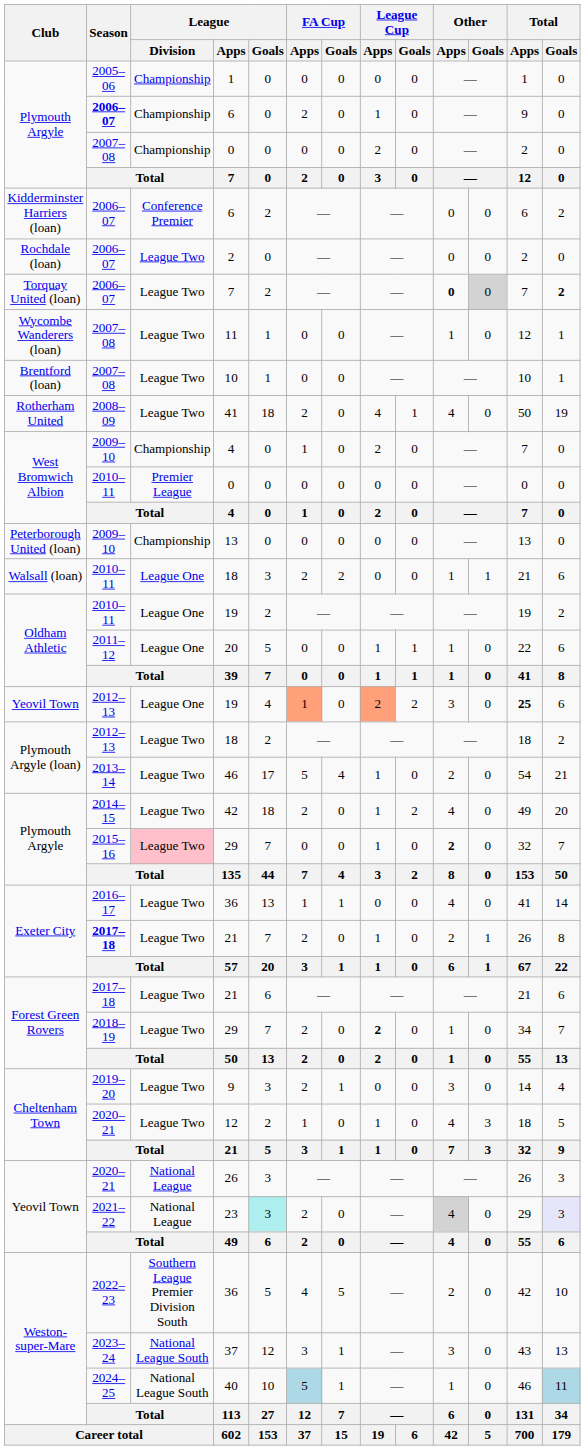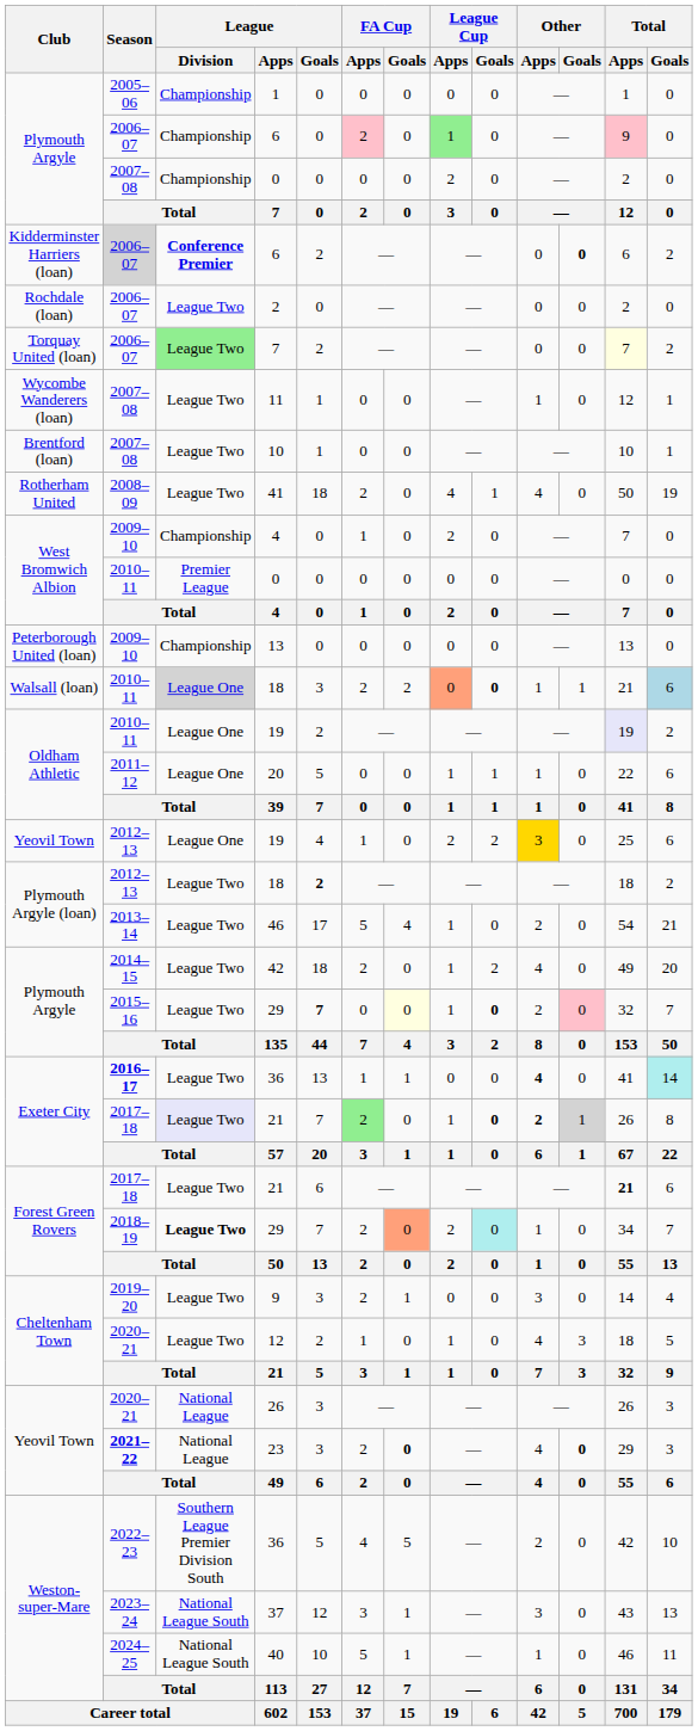 <table class="wikitable" style="text-align: center;">
 <tr>
 <th rowspan="2">Club</th>
 <th rowspan="2">Season</th>
 <th colspan="3">League</th>
 <th colspan="2"><a href='#'>FA Cup</a></th>
 <th colspan="2"><a href='#'>League Cup</a></th>
 <th colspan="2">Other</th>
 <th colspan="2">Total</th>
 </tr>
 <tr>
 <th>Division</th>
 <th>Apps</th>
 <th>Goals</th>
 <th>Apps</th>
 <th>Goals</th>
 <th>Apps</th>
 <th>Goals</th>
 <th>Apps</th>
 <th>Goals</th>
 <th>Apps</th>
 <th>Goals</th>
 </tr>
 <tr>
 <td rowspan="4"><a href='#'>Plymouth Argyle</a></td>
 <td><a href='#'>2005–06</a></td>
 <td><a href='#'>Championship</a></td>
 <td>1</td>
 <td>0</td>
 <td>0</td>
 <td>0</td>
 <td>0</td>
 <td>0</td>
 <td colspan="2">—</td>
 <td>1</td>
 <td>0</td>
 </tr>
 <tr>
-<td><strong><a href='#'>2006–07</a></strong></td>
+<td><a href='#'>2006–07</a></td>
 <td>Championship</td>
 <td>6</td>
 <td>0</td>
-<td>2</td>
+<td style="background: pink;">2</td>
 <td>0</td>
-<td>1</td>
+<td style="background: lightgreen;">1</td>
 <td>0</td>
 <td colspan="2">—</td>
-<td>9</td>
+<td style="background: pink;">9</td>
 <td>0</td>
 </tr>
 <tr>
 <td><a href='#'>2007–08</a></td>
 <td>Championship</td>
 <td>0</td>
 <td>0</td>
 <td>0</td>
 <td>0</td>
 <td>2</td>
 <td>0</td>
 <td colspan="2">—</td>
 <td>2</td>
 <td>0</td>
 </tr>
 <tr>
 <th colspan="2">Total</th>
 <th>7</th>
 <th>0</th>
 <th>2</th>
 <th>0</th>
 <th>3</th>
 <th>0</th>
 <th colspan="2">—</th>
 <th>12</th>
 <th>0</th>
 </tr>
 <tr>
 <td><a href='#'>Kidderminster Harriers</a> (loan)</td>
-<td><a href='#'>2006–07</a></td>
-<td><a href='#'>Conference Premier</a></td>
+<td style="background: lightgrey;"><a href='#'>2006–07</a></td>
+<td><strong><a href='#'>Conference Premier</a></strong></td>
 <td>6</td>
 <td>2</td>
 <td colspan="2">—</td>
 <td colspan="2">—</td>
 <td>0</td>
-<td>0</td>
+<td><strong>0</strong></td>
 <td>6</td>
 <td>2</td>
 </tr>
 <tr>
 <td><a href='#'>Rochdale</a> (loan)</td>
 <td><a href='#'>2006–07</a></td>
 <td><a href='#'>League Two</a></td>
 <td>2</td>
 <td>0</td>
 <td colspan="2">—</td>
 <td colspan="2">—</td>
 <td>0</td>
 <td>0</td>
 <td>2</td>
 <td>0</td>
 </tr>
 <tr>
 <td><a href='#'>Torquay United</a> (loan)</td>
 <td><a href='#'>2006–07</a></td>
-<td>League Two</td>
+<td style="background: lightgreen;">League Two</td>
 <td>7</td>
 <td>2</td>
 <td colspan="2">—</td>
 <td colspan="2">—</td>
-<td><strong>0</strong></td>
-<td style="background: lightgrey;">0</td>
-<td>7</td>
-<td><strong>2</strong></td>
+<td>0</td>
+<td>0</td>
+<td style="background: lightyellow;">7</td>
+<td>2</td>
 </tr>
 <tr>
 <td><a href='#'>Wycombe Wanderers</a> (loan)</td>
 <td><a href='#'>2007–08</a></td>
 <td>League Two</td>
 <td>11</td>
 <td>1</td>
 <td>0</td>
 <td>0</td>
 <td colspan="2">—</td>
 <td>1</td>
 <td>0</td>
 <td>12</td>
 <td>1</td>
 </tr>
 <tr>
 <td><a href='#'>Brentford</a> (loan)</td>
 <td><a href='#'>2007–08</a></td>
 <td>League Two</td>
 <td>10</td>
 <td>1</td>
 <td>0</td>
 <td>0</td>
 <td colspan="2">—</td>
 <td colspan="2">—</td>
 <td>10</td>
 <td>1</td>
 </tr>
 <tr>
 <td><a href='#'>Rotherham United</a></td>
 <td><a href='#'>2008–09</a></td>
 <td>League Two</td>
 <td>41</td>
 <td>18</td>
 <td>2</td>
 <td>0</td>
 <td>4</td>
 <td>1</td>
 <td>4</td>
 <td>0</td>
 <td>50</td>
 <td>19</td>
 </tr>
 <tr>
 <td rowspan="3"><a href='#'>West Bromwich Albion</a></td>
 <td><a href='#'>2009–10</a></td>
 <td>Championship</td>
 <td>4</td>
 <td>0</td>
 <td>1</td>
 <td>0</td>
 <td>2</td>
 <td>0</td>
 <td colspan="2">—</td>
 <td>7</td>
 <td>0</td>
 </tr>
 <tr>
 <td><a href='#'>2010–11</a></td>
 <td><a href='#'>Premier League</a></td>
 <td>0</td>
 <td>0</td>
 <td>0</td>
 <td>0</td>
 <td>0</td>
 <td>0</td>
 <td colspan="2">—</td>
 <td>0</td>
 <td>0</td>
 </tr>
 <tr>
 <th colspan="2">Total</th>
 <th>4</th>
 <th>0</th>
 <th>1</th>
 <th>0</th>
 <th>2</th>
 <th>0</th>
 <th colspan="2">—</th>
 <th>7</th>
 <th>0</th>
 </tr>
 <tr>
 <td><a href='#'>Peterborough United</a> (loan)</td>
 <td><a href='#'>2009–10</a></td>
 <td>Championship</td>
 <td>13</td>
 <td>0</td>
 <td>0</td>
 <td>0</td>
 <td>0</td>
 <td>0</td>
 <td colspan="2">—</td>
 <td>13</td>
 <td>0</td>
 </tr>
 <tr>
 <td><a href='#'>Walsall</a> (loan)</td>
 <td><a href='#'>2010–11</a></td>
-<td><a href='#'>League One</a></td>
+<td style="background: lightgrey;"><a href='#'>League One</a></td>
 <td>18</td>
 <td>3</td>
 <td>2</td>
 <td>2</td>
-<td>0</td>
-<td>0</td>
+<td style="background: lightsalmon;">0</td>
+<td><strong>0</strong></td>
 <td>1</td>
 <td>1</td>
 <td>21</td>
-<td>6</td>
+<td style="background: lightblue;">6</td>
 </tr>
 <tr>
 <td rowspan="3"><a href='#'>Oldham Athletic</a></td>
 <td><a href='#'>2010–11</a></td>
 <td>League One</td>
 <td>19</td>
 <td>2</td>
 <td colspan="2">—</td>
 <td colspan="2">—</td>
 <td colspan="2">—</td>
-<td>19</td>
+<td style="background: lavender;">19</td>
 <td>2</td>
 </tr>
 <tr>
 <td><a href='#'>2011–12</a></td>
 <td>League One</td>
 <td>20</td>
 <td>5</td>
 <td>0</td>
 <td>0</td>
 <td>1</td>
 <td>1</td>
 <td>1</td>
 <td>0</td>
 <td>22</td>
 <td>6</td>
 </tr>
 <tr>
 <th colspan="2">Total</th>
 <th>39</th>
 <th>7</th>
 <th>0</th>
 <th>0</th>
 <th>1</th>
 <th>1</th>
 <th>1</th>
 <th>0</th>
 <th>41</th>
 <th>8</th>
 </tr>
 <tr>
 <td><a href='#'>Yeovil Town</a></td>
 <td><a href='#'>2012–13</a></td>
 <td>League One</td>
 <td>19</td>
 <td>4</td>
-<td style="background: lightsalmon;">1</td>
+<td>1</td>
 <td>0</td>
-<td style="background: lightsalmon;">2</td>
 <td>2</td>
-<td>3</td>
+<td>2</td>
+<td style="background: gold;">3</td>
 <td>0</td>
-<td><strong>25</strong></td>
+<td>25</td>
 <td>6</td>
 </tr>
 <tr>
 <td rowspan="2">Plymouth Argyle (loan)</td>
 <td><a href='#'>2012–13</a></td>
 <td>League Two</td>
 <td>18</td>
-<td>2</td>
+<td><strong>2</strong></td>
 <td colspan="2">—</td>
 <td colspan="2">—</td>
 <td colspan="2">—</td>
 <td>18</td>
 <td>2</td>
 </tr>
 <tr>
 <td><a href='#'>2013–14</a></td>
 <td>League Two</td>
 <td>46</td>
 <td>17</td>
 <td>5</td>
 <td>4</td>
 <td>1</td>
 <td>0</td>
 <td>2</td>
 <td>0</td>
 <td>54</td>
 <td>21</td>
 </tr>
 <tr>
 <td rowspan="3">Plymouth Argyle</td>
 <td><a href='#'>2014–15</a></td>
 <td>League Two</td>
 <td>42</td>
 <td>18</td>
 <td>2</td>
 <td>0</td>
 <td>1</td>
 <td>2</td>
 <td>4</td>
 <td>0</td>
 <td>49</td>
 <td>20</td>
 </tr>
 <tr>
 <td><a href='#'>2015–16</a></td>
-<td style="background: pink;">League Two</td>
+<td>League Two</td>
 <td>29</td>
-<td>7</td>
+<td><strong>7</strong></td>
 <td>0</td>
-<td>0</td>
+<td style="background: lightyellow;">0</td>
 <td>1</td>
-<td>0</td>
-<td><strong>2</strong></td>
-<td>0</td>
+<td><strong>0</strong></td>
+<td>2</td>
+<td style="background: pink;">0</td>
 <td>32</td>
 <td>7</td>
 </tr>
 <tr>
 <th colspan="2">Total</th>
 <th>135</th>
 <th>44</th>
 <th>7</th>
 <th>4</th>
 <th>3</th>
 <th>2</th>
 <th>8</th>
 <th>0</th>
 <th>153</th>
 <th>50</th>
 </tr>
 <tr>
 <td rowspan="3"><a href='#'>Exeter City</a></td>
-<td><a href='#'>2016–17</a></td>
+<td><strong><a href='#'>2016–17</a></strong></td>
 <td>League Two</td>
 <td>36</td>
 <td>13</td>
 <td>1</td>
 <td>1</td>
 <td>0</td>
 <td>0</td>
-<td>4</td>
+<td><strong>4</strong></td>
 <td>0</td>
 <td>41</td>
-<td>14</td>
+<td style="background: paleturquoise;">14</td>
 </tr>
 <tr>
-<td><strong><a href='#'>2017–18</a></strong></td>
-<td>League Two</td>
+<td><a href='#'>2017–18</a></td>
+<td style="background: lavender;">League Two</td>
 <td>21</td>
 <td>7</td>
-<td>2</td>
+<td style="background: lightgreen;">2</td>
 <td>0</td>
 <td>1</td>
-<td>0</td>
-<td>2</td>
-<td>1</td>
+<td><strong>0</strong></td>
+<td><strong>2</strong></td>
+<td style="background: lightgrey;">1</td>
 <td>26</td>
 <td>8</td>
 </tr>
 <tr>
 <th colspan="2">Total</th>
 <th>57</th>
 <th>20</th>
 <th>3</th>
 <th>1</th>
 <th>1</th>
 <th>0</th>
 <th>6</th>
 <th>1</th>
 <th>67</th>
 <th>22</th>
 </tr>
 <tr>
 <td rowspan=3><a href='#'>Forest Green Rovers</a></td>
 <td><a href='#'>2017–18</a></td>
 <td>League Two</td>
 <td>21</td>
 <td>6</td>
 <td colspan="2">—</td>
 <td colspan="2">—</td>
 <td colspan="2">—</td>
-<td>21</td>
+<td><strong>21</strong></td>
 <td>6</td>
 </tr>
 <tr>
 <td><a href='#'>2018–19</a></td>
-<td>League Two</td>
+<td><strong>League Two</strong></td>
 <td>29</td>
 <td>7</td>
 <td>2</td>
-<td>0</td>
-<td><strong>2</strong></td>
-<td>0</td>
+<td style="background: lightsalmon;">0</td>
+<td>2</td>
+<td style="background: paleturquoise;">0</td>
 <td>1</td>
 <td>0</td>
 <td>34</td>
 <td>7</td>
 </tr>
 <tr>
 <th colspan="2">Total</th>
 <th>50</th>
 <th>13</th>
 <th>2</th>
 <th>0</th>
 <th>2</th>
 <th>0</th>
 <th>1</th>
 <th>0</th>
 <th>55</th>
 <th>13</th>
 </tr>
 <tr>
 <td rowspan="3"><a href='#'>Cheltenham Town</a></td>
 <td><a href='#'>2019–20</a></td>
 <td>League Two</td>
 <td>9</td>
 <td>3</td>
 <td>2</td>
 <td>1</td>
 <td>0</td>
 <td>0</td>
 <td>3</td>
 <td>0</td>
 <td>14</td>
 <td>4</td>
 </tr>
 <tr>
 <td><a href='#'>2020–21</a></td>
 <td>League Two</td>
 <td>12</td>
 <td>2</td>
 <td>1</td>
 <td>0</td>
 <td>1</td>
 <td>0</td>
 <td>4</td>
 <td>3</td>
 <td>18</td>
 <td>5</td>
 </tr>
 <tr>
 <th colspan="2">Total</th>
 <th>21</th>
 <th>5</th>
 <th>3</th>
 <th>1</th>
 <th>1</th>
 <th>0</th>
 <th>7</th>
 <th>3</th>
 <th>32</th>
 <th>9</th>
 </tr>
 <tr>
 <td rowspan=3>Yeovil Town</td>
 <td><a href='#'>2020–21</a></td>
 <td><a href='#'>National League</a></td>
 <td>26</td>
 <td>3</td>
 <td colspan="2">—</td>
 <td colspan="2">—</td>
 <td colspan="2">—</td>
 <td>26</td>
 <td>3</td>
 </tr>
 <tr>
-<td><a href='#'>2021–22</a></td>
+<td><strong><a href='#'>2021–22</a></strong></td>
 <td>National League</td>
 <td>23</td>
-<td style="background: paleturquoise;">3</td>
+<td>3</td>
 <td>2</td>
-<td>0</td>
+<td><strong>0</strong></td>
 <td colspan="2">—</td>
-<td style="background: lightgrey;">4</td>
-<td>0</td>
+<td>4</td>
+<td><strong>0</strong></td>
 <td>29</td>
-<td style="background: lavender;">3</td>
+<td>3</td>
 </tr>
 <tr>
 <th colspan=2>Total</th>
 <th>49</th>
 <th>6</th>
 <th>2</th>
 <th>0</th>
 <th colspan="2">—</th>
 <th>4</th>
 <th>0</th>
 <th>55</th>
 <th>6</th>
 </tr>
 <tr>
 <td rowspan=4><a href='#'>Weston-super-Mare</a></td>
 <td><a href='#'>2022–23</a></td>
 <td><a href='#'>Southern League</a><br>Premier Division South</td>
 <td>36</td>
 <td>5</td>
 <td>4</td>
 <td>5</td>
 <td colspan=2>—</td>
 <td>2</td>
 <td>0</td>
 <td>42</td>
 <td>10</td>
 </tr>
 <tr>
 <td><a href='#'>2023–24</a></td>
 <td><a href='#'>National League South</a></td>
 <td>37</td>
 <td>12</td>
 <td>3</td>
 <td>1</td>
 <td colspan="2">—</td>
 <td>3</td>
 <td>0</td>
 <td>43</td>
 <td>13</td>
 </tr>
 <tr>
 <td><a href='#'>2024–25</a></td>
 <td>National League South</td>
 <td>40</td>
 <td>10</td>
-<td style="background: lightblue;">5</td>
+<td>5</td>
 <td>1</td>
 <td colspan="2">—</td>
 <td>1</td>
 <td>0</td>
 <td>46</td>
-<td style="background: lightblue;">11</td>
+<td>11</td>
 </tr>
 <tr>
 <th colspan=2>Total</th>
 <th>113</th>
 <th>27</th>
 <th>12</th>
 <th>7</th>
 <th colspan="2">—</th>
 <th>6</th>
 <th>0</th>
 <th>131</th>
 <th>34</th>
 </tr>
 <tr>
 <th colspan="3">Career total</th>
 <th>602</th>
 <th>153</th>
 <th>37</th>
 <th>15</th>
 <th>19</th>
 <th>6</th>
 <th>42</th>
 <th>5</th>
 <th>700</th>
 <th>179</th>
 </tr>
 </table>
